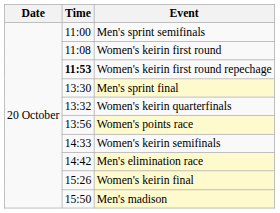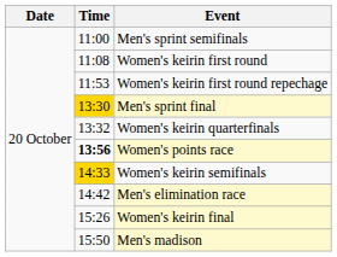 <table class="wikitable">
 <tr>
 <th>Date</th>
 <th>Time</th>
 <th>Event</th>
 </tr>
 <tr>
 <td rowspan=10>20 October</td>
 <td>11:00</td>
 <td>Men's sprint semifinals</td>
 </tr>
 <tr>
 <td>11:08</td>
 <td>Women's keirin first round</td>
 </tr>
 <tr>
-<td><strong>11:53</strong></td>
+<td>11:53</td>
 <td>Women's keirin first round repechage</td>
 </tr>
 <tr>
-<td>13:30</td>
+<td style="background: gold;">13:30</td>
 <td style="background:lemonchiffon">Men's sprint final</td>
 </tr>
 <tr>
 <td>13:32</td>
 <td>Women's keirin quarterfinals</td>
 </tr>
 <tr>
-<td>13:56</td>
+<td><strong>13:56</strong></td>
 <td style="background:lemonchiffon">Women's points race</td>
 </tr>
 <tr>
-<td>14:33</td>
+<td style="background: gold;">14:33</td>
 <td>Women's keirin semifinals</td>
 </tr>
 <tr>
 <td>14:42</td>
 <td style="background:lemonchiffon">Men's elimination race</td>
 </tr>
 <tr>
 <td>15:26</td>
 <td style="background:lemonchiffon">Women's keirin final</td>
 </tr>
 <tr>
 <td>15:50</td>
 <td style="background:lemonchiffon">Men's madison</td>
 </tr>
 </table>
